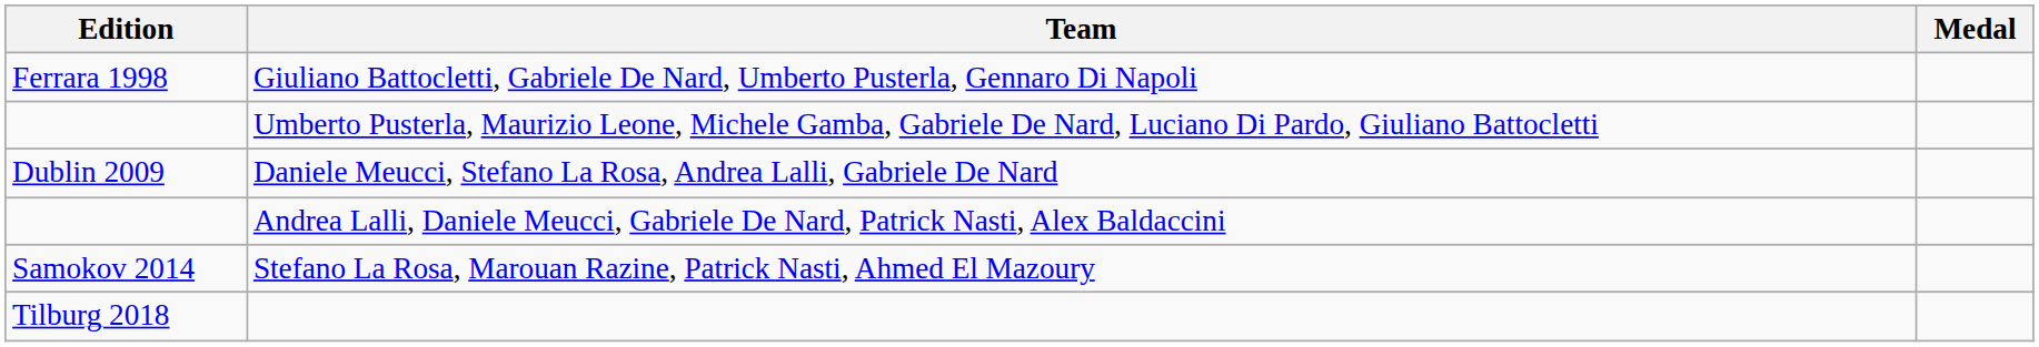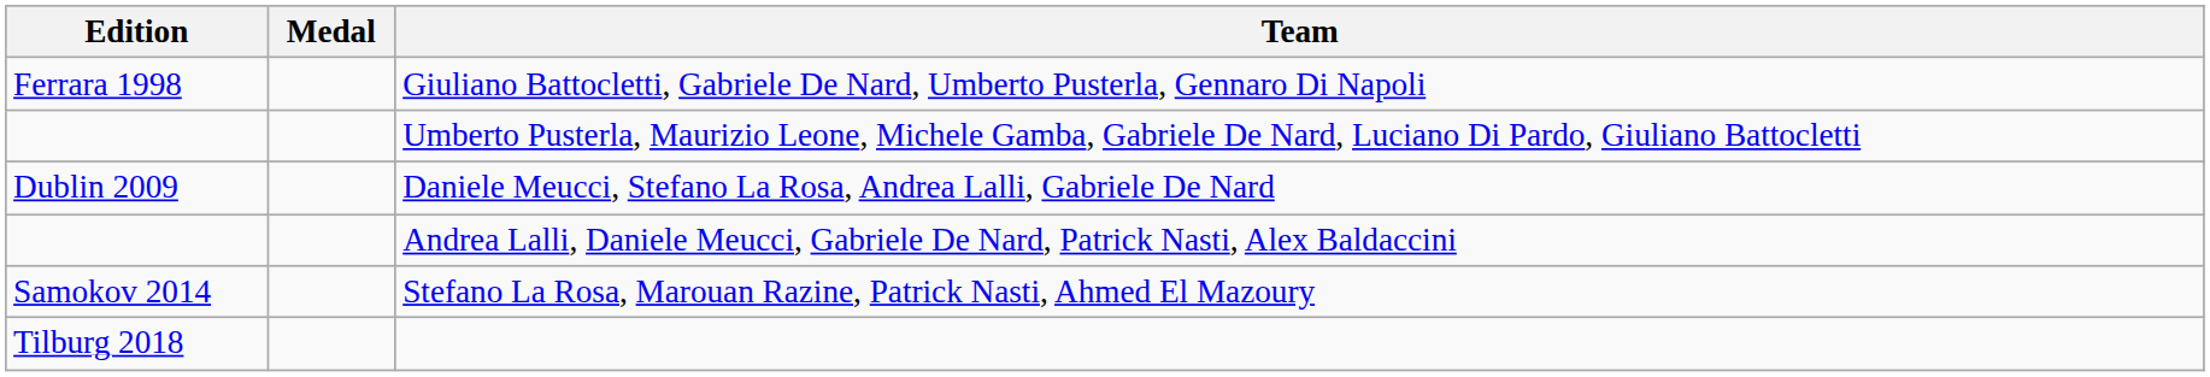 <table class="wikitable sortable" width=85% style="font-size:100%; text-align:left;">
 <tr>
 <th>Edition</th>
+<th>Medal</th>
 <th>Team</th>
-<th>Medal</th>
 </tr>
 <tr>
 <td align=left> <a href='#'>Ferrara 1998</a></td>
+<td align=center></td>
 <td><a href='#'>Giuliano Battocletti</a>, <a href='#'>Gabriele De Nard</a>, <a href='#'>Umberto Pusterla</a>, <a href='#'>Gennaro Di Napoli</a></td>
-<td align=center></td>
 </tr>
 <tr>
 <td></td>
+<td align=center></td>
 <td><a href='#'>Umberto Pusterla</a>, <a href='#'>Maurizio Leone</a>, <a href='#'>Michele Gamba</a>, <a href='#'>Gabriele De Nard</a>, <a href='#'>Luciano Di Pardo</a>, <a href='#'>Giuliano Battocletti</a></td>
-<td align=center></td>
 </tr>
 <tr>
 <td align=left> <a href='#'>Dublin 2009</a></td>
+<td align=center></td>
 <td><a href='#'>Daniele Meucci</a>, <a href='#'>Stefano La Rosa</a>, <a href='#'>Andrea Lalli</a>, <a href='#'>Gabriele De Nard</a></td>
-<td align=center></td>
 </tr>
 <tr>
 <td></td>
+<td align=center></td>
 <td><a href='#'>Andrea Lalli</a>, <a href='#'>Daniele Meucci</a>, <a href='#'>Gabriele De Nard</a>, <a href='#'>Patrick Nasti</a>, <a href='#'>Alex Baldaccini</a></td>
-<td align=center></td>
 </tr>
 <tr>
 <td align=left> <a href='#'>Samokov 2014</a></td>
+<td align=center></td>
 <td><a href='#'>Stefano La Rosa</a>, <a href='#'>Marouan Razine</a>, <a href='#'>Patrick Nasti</a>, <a href='#'>Ahmed El Mazoury</a></td>
-<td align=center></td>
 </tr>
 <tr>
 <td align=left> <a href='#'>Tilburg 2018</a></td>
+<td align=center></td>
 <td></td>
-<td align=center></td>
 </tr>
 </table>
